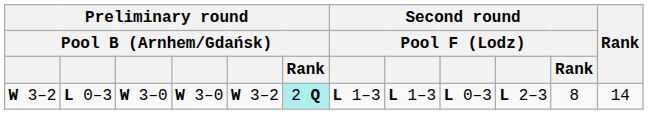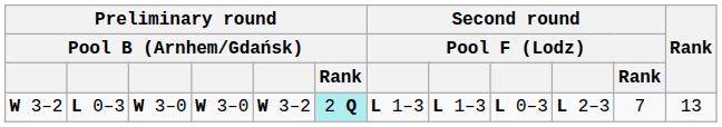 <table class="wikitable" style="font-size:100%;">
 <tr>
 <th colspan=6>Preliminary round</th>
 <th colspan=5>Second round</th>
 <th rowspan=3>Rank</th>
 </tr>
 <tr>
 <th colspan=6>Pool B (Arnhem/Gdańsk)</th>
 <th colspan=5>Pool F (Lodz)</th>
 </tr>
 <tr>
 <th></th>
 <th></th>
 <th></th>
 <th></th>
 <th></th>
 <th>Rank</th>
 <th></th>
 <th></th>
 <th></th>
 <th></th>
 <th>Rank</th>
 </tr>
 <tr align=center>
 <td><strong>W</strong> 3–2</td>
 <td><strong>L</strong> 0–3</td>
 <td><strong>W</strong> 3–0</td>
 <td><strong>W</strong> 3–0</td>
 <td><strong>W</strong> 3–2</td>
 <td style="background: paleturquoise;">2 <strong>Q</strong></td>
 <td><strong>L</strong> 1–3</td>
 <td><strong>L</strong> 1–3</td>
 <td><strong>L</strong> 0–3</td>
 <td><strong>L</strong> 2–3</td>
-<td>8</td>
-<td>14</td>
+<td>7</td>
+<td>13</td>
 </tr>
 </table>
